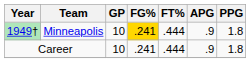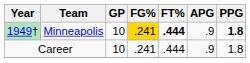 <table class="wikitable sortable" style="font-size:95%; text-align:right;">
 <tr>
 <th>Year</th>
 <th>Team</th>
 <th>GP</th>
 <th>FG%</th>
 <th>FT%</th>
 <th>APG</th>
 <th>PPG</th>
 </tr>
 <tr>
 <td style="text-align:left; background:#afe6ba;"><a href='#'>1949</a>†</td>
 <td style="text-align:left;"><a href='#'>Minneapolis</a></td>
 <td>10</td>
 <td style="background: gold;">.241</td>
-<td>.444</td>
+<td><strong>.444</strong></td>
 <td>.9</td>
-<td>1.8</td>
+<td><strong>1.8</strong></td>
 </tr>
 <tr>
 <td style="text-align:center;" colspan="2">Career</td>
 <td>10</td>
 <td>.241</td>
 <td>.444</td>
 <td>.9</td>
 <td>1.8</td>
 </tr>
 <tr>
 </tr>
 </table>
